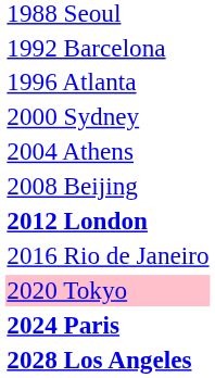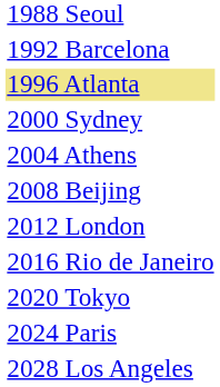 <table>
 <tr>
 <td><a href='#'>1988 Seoul</a><br></td>
 <td></td>
 <td></td>
 <td></td>
 </tr>
 <tr valign="top">
 <td><a href='#'>1992 Barcelona</a><br></td>
 <td></td>
 <td></td>
 <td><br></td>
 </tr>
 <tr>
-<td><a href='#'>1996 Atlanta</a><br></td>
+<td style="background: khaki;"><a href='#'>1996 Atlanta</a><br></td>
 <td></td>
 <td></td>
 <td></td>
 </tr>
 <tr>
 <td><a href='#'>2000 Sydney</a><br></td>
 <td></td>
 <td></td>
 <td></td>
 </tr>
 <tr>
 <td><a href='#'>2004 Athens</a><br></td>
 <td></td>
 <td></td>
 <td></td>
 </tr>
 <tr>
 <td><a href='#'>2008 Beijing</a><br></td>
 <td></td>
 <td></td>
 <td></td>
 </tr>
 <tr>
-<td><strong><a href='#'>2012 London</a><br></strong></td>
+<td><a href='#'>2012 London</a><br></td>
 <td></td>
 <td></td>
 <td></td>
 </tr>
 <tr>
 <td><a href='#'>2016 Rio de Janeiro</a><br></td>
 <td></td>
 <td></td>
 <td></td>
 </tr>
 <tr>
-<td style="background: pink;"><a href='#'>2020 Tokyo</a><br></td>
+<td><a href='#'>2020 Tokyo</a><br></td>
 <td></td>
 <td></td>
 <td></td>
 </tr>
 <tr>
-<td><strong><a href='#'>2024 Paris</a><br></strong></td>
+<td><a href='#'>2024 Paris</a><br></td>
 <td></td>
 <td></td>
 <td></td>
 </tr>
 <tr>
-<td><strong><a href='#'>2028 Los Angeles</a><br></strong></td>
+<td><a href='#'>2028 Los Angeles</a><br></td>
 <td></td>
 <td></td>
 <td></td>
 </tr>
 <tr>
 </tr>
 </table>
